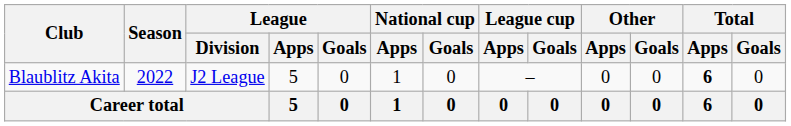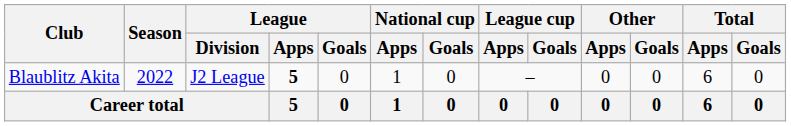 <table class="wikitable" style="text-align:center">
 <tr>
 <th rowspan="2">Club</th>
 <th rowspan="2">Season</th>
 <th colspan="3">League</th>
 <th colspan="2">National cup</th>
 <th colspan="2">League cup</th>
 <th colspan="2">Other</th>
 <th colspan="2">Total</th>
 </tr>
 <tr>
 <th>Division</th>
 <th>Apps</th>
 <th>Goals</th>
 <th>Apps</th>
 <th>Goals</th>
 <th>Apps</th>
 <th>Goals</th>
 <th>Apps</th>
 <th>Goals</th>
 <th>Apps</th>
 <th>Goals</th>
 </tr>
 <tr>
 <td><a href='#'>Blaublitz Akita</a></td>
 <td><a href='#'>2022</a></td>
 <td><a href='#'>J2 League</a></td>
-<td>5</td>
+<td><strong>5</strong></td>
 <td>0</td>
 <td>1</td>
 <td>0</td>
 <td colspan="2">–</td>
 <td>0</td>
 <td>0</td>
-<td><strong>6</strong></td>
+<td>6</td>
 <td>0</td>
 </tr>
 <tr>
 <th colspan=3>Career total</th>
 <th>5</th>
 <th>0</th>
 <th>1</th>
 <th>0</th>
 <th>0</th>
 <th>0</th>
 <th>0</th>
 <th>0</th>
 <th>6</th>
 <th>0</th>
 </tr>
 </table>
